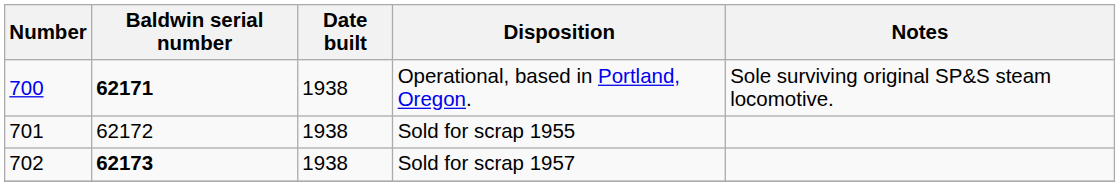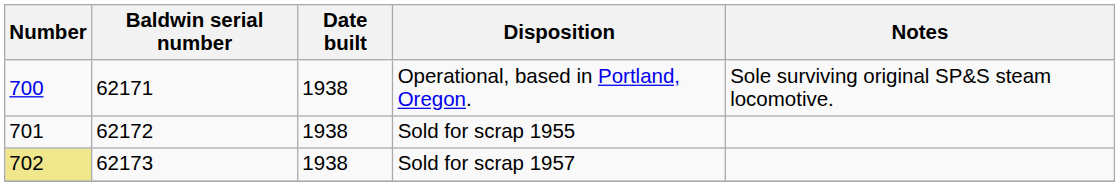 <table class="wikitable">
 <tr>
 <th>Number</th>
 <th>Baldwin serial number</th>
 <th>Date built</th>
 <th>Disposition</th>
 <th>Notes</th>
 </tr>
 <tr>
 <td><a href='#'>700</a></td>
-<td><strong>62171</strong></td>
+<td>62171</td>
 <td>1938</td>
 <td>Operational, based in <a href='#'>Portland, Oregon</a>.</td>
 <td>Sole surviving original SP&S steam locomotive.</td>
 </tr>
 <tr>
 <td>701</td>
 <td>62172</td>
 <td>1938</td>
 <td>Sold for scrap 1955</td>
 <td></td>
 </tr>
 <tr>
-<td>702</td>
-<td><strong>62173</strong></td>
+<td style="background: khaki;">702</td>
+<td>62173</td>
 <td>1938</td>
 <td>Sold for scrap 1957</td>
 <td></td>
 </tr>
 <tr>
 </tr>
 </table>
